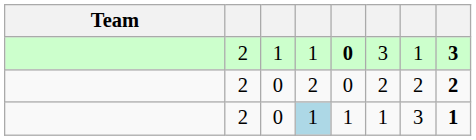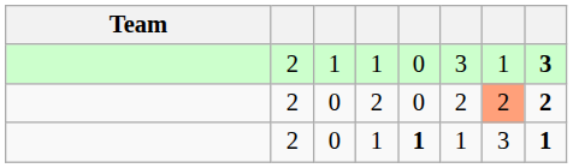 <table class="wikitable" style="text-align:center">
 <tr>
 <th width=165>Team</th>
 <th width=20></th>
 <th width=20></th>
 <th width=20></th>
 <th width=20></th>
 <th width=20></th>
 <th width=20></th>
 <th width=20></th>
 </tr>
 <tr bgcolor=ccffcc>
 <td align=left></td>
 <td>2</td>
 <td>1</td>
 <td>1</td>
-<td><strong>0</strong></td>
+<td>0</td>
 <td>3</td>
 <td>1</td>
 <td><strong>3</strong></td>
 </tr>
 <tr>
 <td align=left></td>
 <td>2</td>
 <td>0</td>
 <td>2</td>
 <td>0</td>
 <td>2</td>
-<td>2</td>
+<td style="background: lightsalmon;">2</td>
 <td><strong>2</strong></td>
 </tr>
 <tr>
 <td align=left></td>
 <td>2</td>
 <td>0</td>
-<td style="background: lightblue;">1</td>
 <td>1</td>
+<td><strong>1</strong></td>
 <td>1</td>
 <td>3</td>
 <td><strong>1</strong></td>
 </tr>
 </table>
